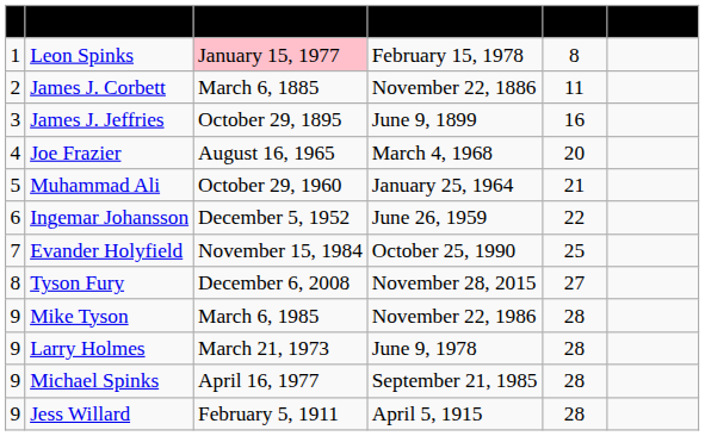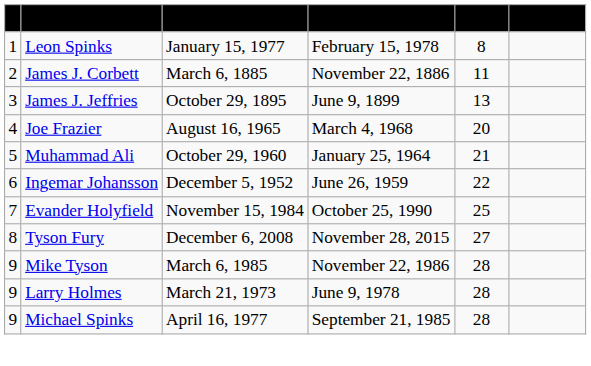 <table class="wikitable sortable" style="margin:0 .5em .5em 0; margin-top:.5em; margin-bottom:.5em; border:1px solid #CCC; border-collapse:collapse; text-align:left;">
 <tr>
 <th style="background: #D1EEEE; background: black;« width=»10%"><span></span></th>
 <th style="background: #D1EEEE; background: black;« width=»10%"><span>Name</span></th>
 <th style="background: #D1EEEE; background: black;« width=»10%"><span>Professional debut</span></th>
 <th style="background: #D1EEEE; background: black;« width=»10%"><span>World title win</span></th>
 <th style="background: #D1EEEE; background: black;« width=»10%"><span>Fights</span></th>
 <th style="background: #D1EEEE; background: black;« width=»10%"><span>Source(s)</span></th>
 </tr>
 <tr>
 <td>1</td>
 <td><a href='#'>Leon Spinks</a></td>
-<td style="background: pink;">January 15, 1977</td>
+<td>January 15, 1977</td>
 <td>February 15, 1978</td>
 <td align="center">8</td>
 <td></td>
 </tr>
 <tr>
 <td>2</td>
 <td><a href='#'>James J. Corbett</a></td>
 <td>March 6, 1885</td>
 <td>November 22, 1886</td>
 <td align="center">11</td>
 <td></td>
 </tr>
 <tr>
 <td>3</td>
 <td><a href='#'>James J. Jeffries</a></td>
 <td>October 29, 1895</td>
 <td>June 9, 1899</td>
-<td align="center">16</td>
+<td align="center">13</td>
 <td></td>
 </tr>
 <tr>
 <td>4</td>
 <td><a href='#'>Joe Frazier</a></td>
 <td>August 16, 1965</td>
 <td>March 4, 1968</td>
 <td align="center">20</td>
 <td></td>
 </tr>
 <tr>
 <td>5</td>
 <td><a href='#'>Muhammad Ali</a></td>
 <td>October 29, 1960</td>
 <td>January 25, 1964</td>
 <td align="center">21</td>
 <td></td>
 </tr>
 <tr>
 <td>6</td>
 <td><a href='#'>Ingemar Johansson</a></td>
 <td>December 5, 1952</td>
 <td>June 26, 1959</td>
 <td align="center">22</td>
 <td></td>
 </tr>
 <tr>
 <td>7</td>
 <td><a href='#'>Evander Holyfield</a></td>
 <td>November 15, 1984</td>
 <td>October 25, 1990</td>
 <td align="center">25</td>
 <td></td>
 </tr>
 <tr>
 <td>8</td>
 <td><a href='#'>Tyson Fury</a></td>
 <td>December 6, 2008</td>
 <td>November 28, 2015</td>
 <td align="center">27</td>
 <td></td>
 </tr>
 <tr>
 <td>9</td>
 <td><a href='#'>Mike Tyson</a></td>
 <td>March 6, 1985</td>
 <td>November 22, 1986</td>
 <td align="center">28</td>
 <td></td>
 </tr>
 <tr>
 <td>9</td>
 <td><a href='#'>Larry Holmes</a></td>
 <td>March 21, 1973</td>
 <td>June 9, 1978</td>
 <td align="center">28</td>
 <td></td>
 </tr>
 <tr>
 <td>9</td>
 <td><a href='#'>Michael Spinks</a></td>
 <td>April 16, 1977</td>
 <td>September 21, 1985</td>
 <td align="center">28</td>
 <td></td>
 </tr>
-<tr>
-<td>9</td>
-<td><a href='#'>Jess Willard</a></td>
-<td>February 5, 1911</td>
-<td>April 5, 1915</td>
-<td align="center">28</td>
-<td></td>
-</tr>
 </table>
